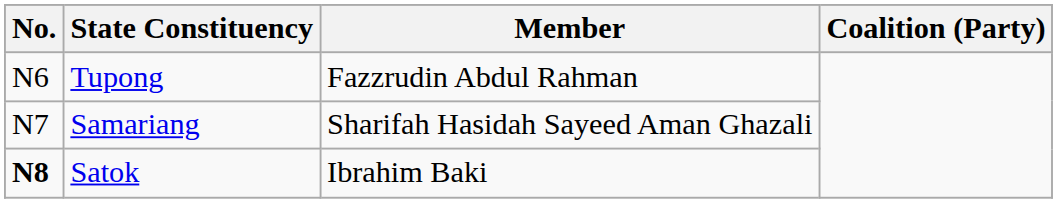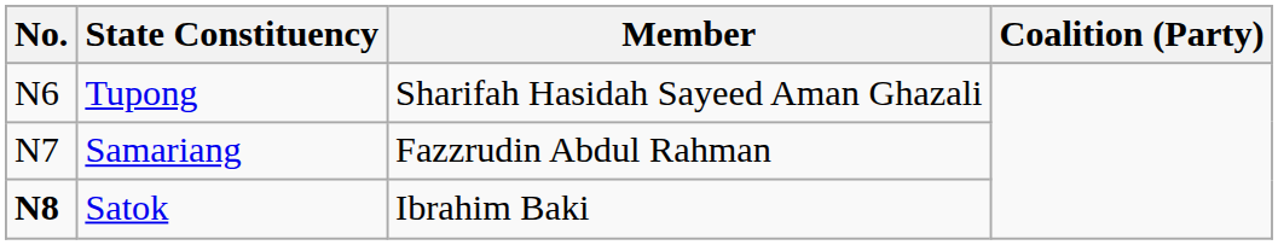 <table class="wikitable">
 <tr>
 <th>No.</th>
 <th>State Constituency</th>
 <th>Member</th>
 <th>Coalition (Party)</th>
 </tr>
 <tr>
 <td>N6</td>
 <td><a href='#'>Tupong</a></td>
-<td>Fazzrudin Abdul Rahman</td>
+<td>Sharifah Hasidah Sayeed Aman Ghazali</td>
 <td rowspan="3"></td>
 </tr>
 <tr>
 <td>N7</td>
 <td><a href='#'>Samariang</a></td>
-<td>Sharifah Hasidah Sayeed Aman Ghazali</td>
+<td>Fazzrudin Abdul Rahman</td>
 </tr>
 <tr>
 <td><strong>N8</strong></td>
 <td><a href='#'>Satok</a></td>
 <td>Ibrahim Baki</td>
 </tr>
 </table>
